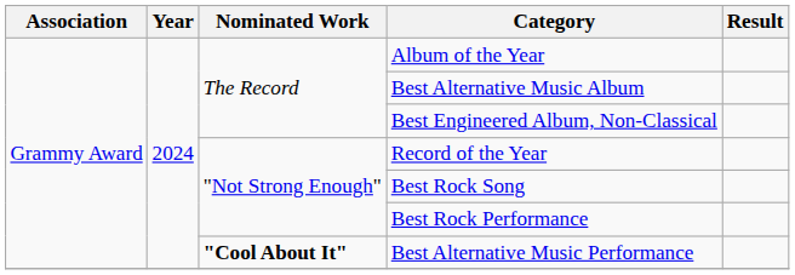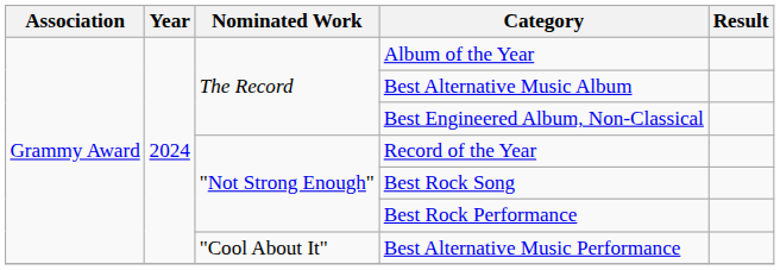 <table class="wikitable">
 <tr>
 <th scope="col">Association</th>
 <th scope="col">Year</th>
 <th scope="col">Nominated Work</th>
 <th scope="col">Category</th>
 <th scope="col">Result</th>
 </tr>
 <tr>
 <td rowspan=7><a href='#'>Grammy Award</a></td>
 <td rowspan=7><a href='#'>2024</a></td>
 <td rowspan="3"><em>The Record</em></td>
 <td scope="row"><a href='#'>Album of the Year</a></td>
 <td></td>
 </tr>
 <tr>
 <td scope="row"><a href='#'>Best Alternative Music Album</a></td>
 <td></td>
 </tr>
 <tr>
 <td scope="row"><a href='#'>Best Engineered Album, Non-Classical</a></td>
 <td></td>
 </tr>
 <tr>
 <td rowspan="3">"<a href='#'>Not Strong Enough</a>"</td>
 <td scope="row"><a href='#'>Record of the Year</a></td>
 <td></td>
 </tr>
 <tr>
 <td scope="row"><a href='#'>Best Rock Song</a></td>
 <td></td>
 </tr>
 <tr>
 <td scope="row"><a href='#'>Best Rock Performance</a></td>
 <td></td>
 </tr>
 <tr>
-<td><strong>"Cool About It"</strong></td>
+<td>"Cool About It"</td>
 <td scope="row"><a href='#'>Best Alternative Music Performance</a></td>
 <td></td>
 </tr>
 <tr>
 </tr>
 </table>
